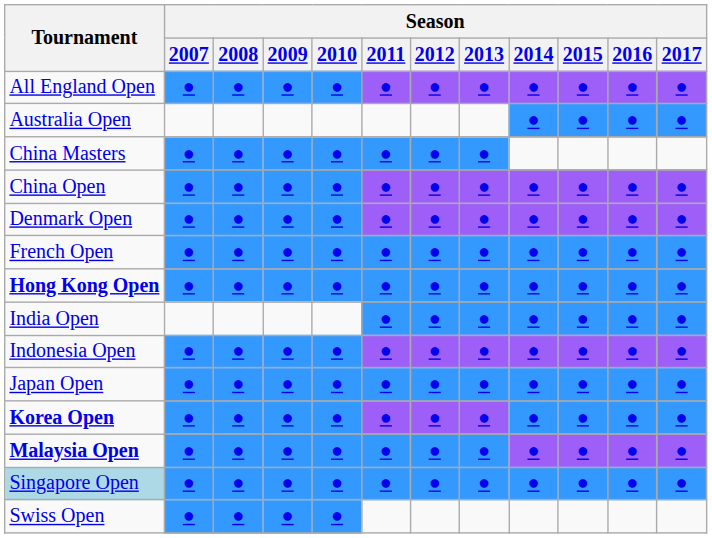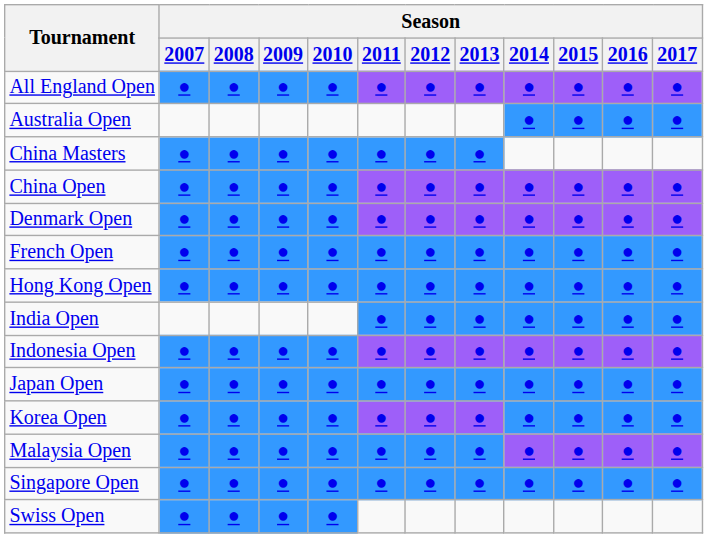 <table class=wikitable style="text-align:left; font-size:90%">
 <tr>
 <th rowspan="2">Tournament</th>
 <th colspan="15">Season</th>
 </tr>
 <tr>
 <th><a href='#'>2007</a></th>
 <th><a href='#'>2008</a></th>
 <th><a href='#'>2009</a></th>
 <th><a href='#'>2010</a></th>
 <th><a href='#'>2011</a></th>
 <th><a href='#'>2012</a></th>
 <th><a href='#'>2013</a></th>
 <th><a href='#'>2014</a></th>
 <th><a href='#'>2015</a></th>
 <th><a href='#'>2016</a></th>
 <th><a href='#'>2017</a></th>
 </tr>
 <tr>
 <td><a href='#'>All England Open</a></td>
 <td bgcolor=#3399ff align="center"><a href='#'>●</a></td>
 <td bgcolor=#3399ff align="center"><a href='#'>●</a></td>
 <td bgcolor=#3399ff align="center"><a href='#'>●</a></td>
 <td bgcolor=#3399ff align="center"><a href='#'>●</a></td>
 <td bgcolor=#9e5ff9 align="center"><a href='#'>●</a></td>
 <td bgcolor=#9e5ff9 align="center"><a href='#'>●</a></td>
 <td bgcolor=#9e5ff9 align="center"><a href='#'>●</a></td>
 <td bgcolor=#9e5ff9 align="center"><a href='#'>●</a></td>
 <td bgcolor=#9e5ff9 align="center"><a href='#'>●</a></td>
 <td bgcolor=#9e5ff9 align="center"><a href='#'>●</a></td>
 <td bgcolor=#9e5ff9 align="center"><a href='#'>●</a></td>
 </tr>
 <tr>
 <td><a href='#'>Australia Open</a></td>
 <td></td>
 <td></td>
 <td></td>
 <td></td>
 <td></td>
 <td></td>
 <td></td>
 <td bgcolor=#3399ff align="center"><a href='#'>●</a></td>
 <td bgcolor=#3399ff align="center"><a href='#'>●</a></td>
 <td bgcolor=#3399ff align="center"><a href='#'>●</a></td>
 <td bgcolor=#3399ff align="center"><a href='#'>●</a></td>
 </tr>
 <tr>
 <td><a href='#'>China Masters</a></td>
 <td bgcolor=#3399ff align="center"><a href='#'>●</a></td>
 <td bgcolor=#3399ff align="center"><a href='#'>●</a></td>
 <td bgcolor=#3399ff align="center"><a href='#'>●</a></td>
 <td bgcolor=#3399ff align="center"><a href='#'>●</a></td>
 <td bgcolor=#3399ff align="center"><a href='#'>●</a></td>
 <td bgcolor=#3399ff align="center"><a href='#'>●</a></td>
 <td bgcolor=#3399ff align="center"><a href='#'>●</a></td>
 <td></td>
 <td></td>
 <td></td>
 <td></td>
 </tr>
 <tr>
 <td><a href='#'>China Open</a></td>
 <td bgcolor=#3399ff align="center"><a href='#'>●</a></td>
 <td bgcolor=#3399ff align="center"><a href='#'>●</a></td>
 <td bgcolor=#3399ff align="center"><a href='#'>●</a></td>
 <td bgcolor=#3399ff align="center"><a href='#'>●</a></td>
 <td bgcolor=#9e5ff9 align="center"><a href='#'>●</a></td>
 <td bgcolor=#9e5ff9 align="center"><a href='#'>●</a></td>
 <td bgcolor=#9e5ff9 align="center"><a href='#'>●</a></td>
 <td bgcolor=#9e5ff9 align="center"><a href='#'>●</a></td>
 <td bgcolor=#9e5ff9 align="center"><a href='#'>●</a></td>
 <td bgcolor=#9e5ff9 align="center"><a href='#'>●</a></td>
 <td bgcolor=#9e5ff9 align="center"><a href='#'>●</a></td>
 </tr>
 <tr>
 <td><a href='#'>Denmark Open</a></td>
 <td bgcolor=#3399ff align="center"><a href='#'>●</a></td>
 <td bgcolor=#3399ff align="center"><a href='#'>●</a></td>
 <td bgcolor=#3399ff align="center"><a href='#'>●</a></td>
 <td bgcolor=#3399ff align="center"><a href='#'>●</a></td>
 <td bgcolor=#9e5ff9 align="center"><a href='#'>●</a></td>
 <td bgcolor=#9e5ff9 align="center"><a href='#'>●</a></td>
 <td bgcolor=#9e5ff9 align="center"><a href='#'>●</a></td>
 <td bgcolor=#9e5ff9 align="center"><a href='#'>●</a></td>
 <td bgcolor=#9e5ff9 align="center"><a href='#'>●</a></td>
 <td bgcolor=#9e5ff9 align="center"><a href='#'>●</a></td>
 <td bgcolor=#9e5ff9 align="center"><a href='#'>●</a></td>
 </tr>
 <tr>
 <td><a href='#'>French Open</a></td>
 <td bgcolor=#3399ff align="center"><a href='#'>●</a></td>
 <td bgcolor=#3399ff align="center"><a href='#'>●</a></td>
 <td bgcolor=#3399ff align="center"><a href='#'>●</a></td>
 <td bgcolor=#3399ff align="center"><a href='#'>●</a></td>
 <td bgcolor=#3399ff align="center"><a href='#'>●</a></td>
 <td bgcolor=#3399ff align="center"><a href='#'>●</a></td>
 <td bgcolor=#3399ff align="center"><a href='#'>●</a></td>
 <td bgcolor=#3399ff align="center"><a href='#'>●</a></td>
 <td bgcolor=#3399ff align="center"><a href='#'>●</a></td>
 <td bgcolor=#3399ff align="center"><a href='#'>●</a></td>
 <td bgcolor=#3399ff align="center"><a href='#'>●</a></td>
 </tr>
 <tr>
-<td><strong><a href='#'>Hong Kong Open</a></strong></td>
+<td><a href='#'>Hong Kong Open</a></td>
 <td bgcolor=#3399ff align="center"><a href='#'>●</a></td>
 <td bgcolor=#3399ff align="center"><a href='#'>●</a></td>
 <td bgcolor=#3399ff align="center"><a href='#'>●</a></td>
 <td bgcolor=#3399ff align="center"><a href='#'>●</a></td>
 <td bgcolor=#3399ff align="center"><a href='#'>●</a></td>
 <td bgcolor=#3399ff align="center"><a href='#'>●</a></td>
 <td bgcolor=#3399ff align="center"><a href='#'>●</a></td>
 <td bgcolor=#3399ff align="center"><a href='#'>●</a></td>
 <td bgcolor=#3399ff align="center"><a href='#'>●</a></td>
 <td bgcolor=#3399ff align="center"><a href='#'>●</a></td>
 <td bgcolor=#3399ff align="center"><a href='#'>●</a></td>
 </tr>
 <tr>
 <td><a href='#'>India Open</a></td>
 <td></td>
 <td></td>
 <td></td>
 <td></td>
 <td bgcolor=#3399ff align="center"><a href='#'>●</a></td>
 <td bgcolor=#3399ff align="center"><a href='#'>●</a></td>
 <td bgcolor=#3399ff align="center"><a href='#'>●</a></td>
 <td bgcolor=#3399ff align="center"><a href='#'>●</a></td>
 <td bgcolor=#3399ff align="center"><a href='#'>●</a></td>
 <td bgcolor=#3399ff align="center"><a href='#'>●</a></td>
 <td bgcolor=#3399ff align="center"><a href='#'>●</a></td>
 </tr>
 <tr>
 <td><a href='#'>Indonesia Open</a></td>
 <td bgcolor=#3399ff align="center"><a href='#'>●</a></td>
 <td bgcolor=#3399ff align="center"><a href='#'>●</a></td>
 <td bgcolor=#3399ff align="center"><a href='#'>●</a></td>
 <td bgcolor=#3399ff align="center"><a href='#'>●</a></td>
 <td bgcolor=#9e5ff9 align="center"><a href='#'>●</a></td>
 <td bgcolor=#9e5ff9 align="center"><a href='#'>●</a></td>
 <td bgcolor=#9e5ff9 align="center"><a href='#'>●</a></td>
 <td bgcolor=#9e5ff9 align="center"><a href='#'>●</a></td>
 <td bgcolor=#9e5ff9 align="center"><a href='#'>●</a></td>
 <td bgcolor=#9e5ff9 align="center"><a href='#'>●</a></td>
 <td bgcolor=#9e5ff9 align="center"><a href='#'>●</a></td>
 </tr>
 <tr>
 <td><a href='#'>Japan Open</a></td>
 <td bgcolor=#3399ff align="center"><a href='#'>●</a></td>
 <td bgcolor=#3399ff align="center"><a href='#'>●</a></td>
 <td bgcolor=#3399ff align="center"><a href='#'>●</a></td>
 <td bgcolor=#3399ff align="center"><a href='#'>●</a></td>
 <td bgcolor=#3399ff align="center"><a href='#'>●</a></td>
 <td bgcolor=#3399ff align="center"><a href='#'>●</a></td>
 <td bgcolor=#3399ff align="center"><a href='#'>●</a></td>
 <td bgcolor=#3399ff align="center"><a href='#'>●</a></td>
 <td bgcolor=#3399ff align="center"><a href='#'>●</a></td>
 <td bgcolor=#3399ff align="center"><a href='#'>●</a></td>
 <td bgcolor=#3399ff align="center"><a href='#'>●</a></td>
 </tr>
 <tr>
-<td><strong><a href='#'>Korea Open</a></strong></td>
+<td><a href='#'>Korea Open</a></td>
 <td bgcolor=#3399ff align="center"><a href='#'>●</a></td>
 <td bgcolor=#3399ff align="center"><a href='#'>●</a></td>
 <td bgcolor=#3399ff align="center"><a href='#'>●</a></td>
 <td bgcolor=#3399ff align="center"><a href='#'>●</a></td>
 <td bgcolor=#9e5ff9 align="center"><a href='#'>●</a></td>
 <td bgcolor=#9e5ff9 align="center"><a href='#'>●</a></td>
 <td bgcolor=#9e5ff9 align="center"><a href='#'>●</a></td>
 <td bgcolor=#3399ff align="center"><a href='#'>●</a></td>
 <td bgcolor=#3399ff align="center"><a href='#'>●</a></td>
 <td bgcolor=#3399ff align="center"><a href='#'>●</a></td>
 <td bgcolor=#3399ff align="center"><a href='#'>●</a></td>
 </tr>
 <tr>
-<td><strong><a href='#'>Malaysia Open</a></strong></td>
+<td><a href='#'>Malaysia Open</a></td>
 <td bgcolor=#3399ff align="center"><a href='#'>●</a></td>
 <td bgcolor=#3399ff align="center"><a href='#'>●</a></td>
 <td bgcolor=#3399ff align="center"><a href='#'>●</a></td>
 <td bgcolor=#3399ff align="center"><a href='#'>●</a></td>
 <td bgcolor=#3399ff align="center"><a href='#'>●</a></td>
 <td bgcolor=#3399ff align="center"><a href='#'>●</a></td>
 <td bgcolor=#3399ff align="center"><a href='#'>●</a></td>
 <td bgcolor=#9e5ff9 align="center"><a href='#'>●</a></td>
 <td bgcolor=#9e5ff9 align="center"><a href='#'>●</a></td>
 <td bgcolor=#9e5ff9 align="center"><a href='#'>●</a></td>
 <td bgcolor=#9e5ff9 align="center"><a href='#'>●</a></td>
 </tr>
 <tr>
-<td style="background: lightblue;"><a href='#'>Singapore Open</a></td>
+<td><a href='#'>Singapore Open</a></td>
 <td bgcolor=#3399ff align="center"><a href='#'>●</a></td>
 <td bgcolor=#3399ff align="center"><a href='#'>●</a></td>
 <td bgcolor=#3399ff align="center"><a href='#'>●</a></td>
 <td bgcolor=#3399ff align="center"><a href='#'>●</a></td>
 <td bgcolor=#3399ff align="center"><a href='#'>●</a></td>
 <td bgcolor=#3399ff align="center"><a href='#'>●</a></td>
 <td bgcolor=#3399ff align="center"><a href='#'>●</a></td>
 <td bgcolor=#3399ff align="center"><a href='#'>●</a></td>
 <td bgcolor=#3399ff align="center"><a href='#'>●</a></td>
 <td bgcolor=#3399ff align="center"><a href='#'>●</a></td>
 <td bgcolor=#3399ff align="center"><a href='#'>●</a></td>
 </tr>
 <tr>
 <td><a href='#'>Swiss Open</a></td>
 <td bgcolor=#3399ff align="center"><a href='#'>●</a></td>
 <td bgcolor=#3399ff align="center"><a href='#'>●</a></td>
 <td bgcolor=#3399ff align="center"><a href='#'>●</a></td>
 <td bgcolor=#3399ff align="center"><a href='#'>●</a></td>
 <td></td>
 <td></td>
 <td></td>
 <td></td>
 <td></td>
 <td></td>
 <td></td>
 </tr>
 </table>
